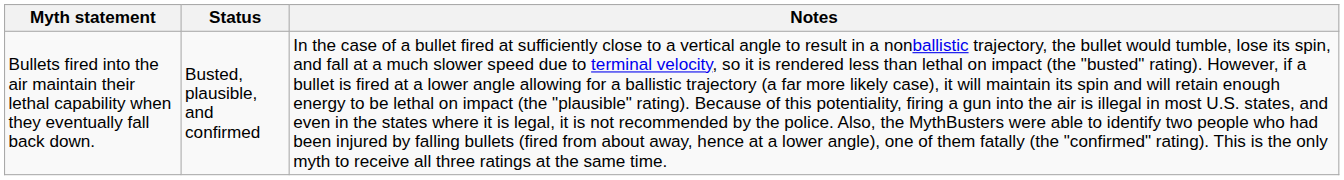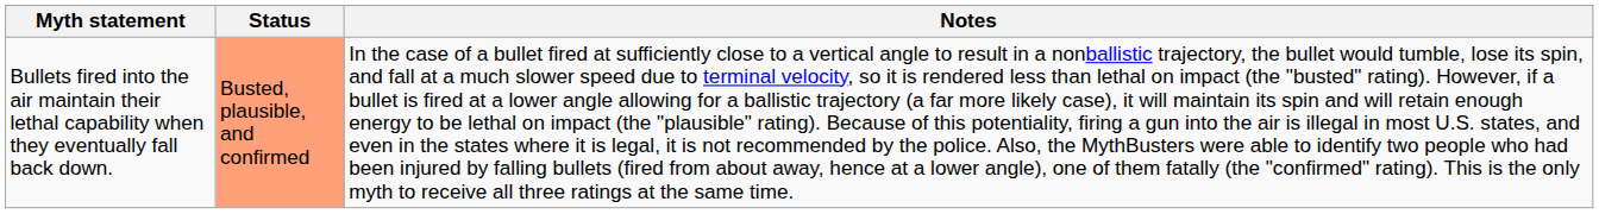 <table class="wikitable plainrowheaders">
 <tr>
 <th>Myth statement</th>
 <th>Status</th>
 <th>Notes</th>
 </tr>
 <tr>
 <td>Bullets fired into the air maintain their lethal capability when they eventually fall back down.</td>
-<td><span>Busted</span>, <span>plausible</span>, and <span>confirmed</span></td>
+<td style="background: lightsalmon;"><span>Busted</span>, <span>plausible</span>, and <span>confirmed</span></td>
 <td>In the case of a bullet fired at sufficiently close to a vertical angle to result in a non<a href='#'>ballistic</a> trajectory, the bullet would tumble, lose its spin, and fall at a much slower speed due to <a href='#'>terminal velocity</a>, so it is rendered less than lethal on impact (the "<span>busted</span>" rating). However, if a bullet is fired at a lower angle allowing for a ballistic trajectory (a far more likely case), it will maintain its spin and will retain enough energy to be lethal on impact (the "<span>plausible</span>" rating). Because of this potentiality, firing a gun into the air is illegal in most U.S. states, and even in the states where it is legal, it is not recommended by the police. Also, the MythBusters were able to identify two people who had been injured by falling bullets (fired from about  away, hence at a lower angle), one of them fatally (the "<span>confirmed</span>" rating). This is the only myth to receive all three ratings at the same time.</td>
 </tr>
 </table>
